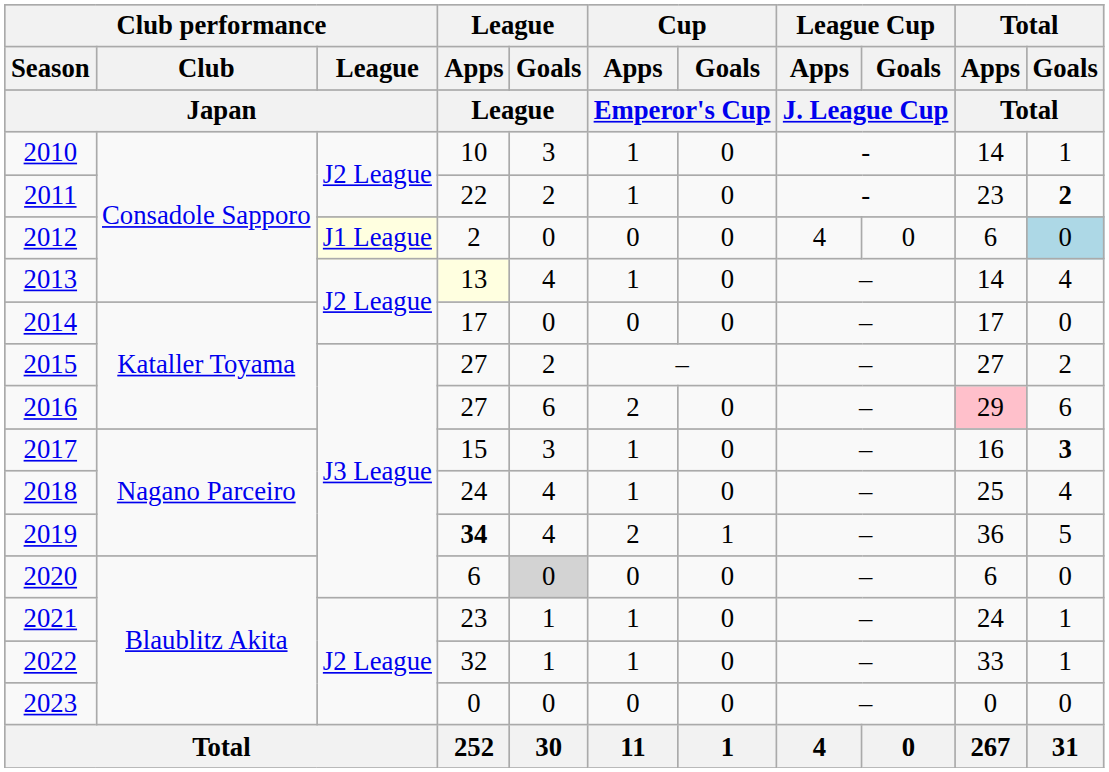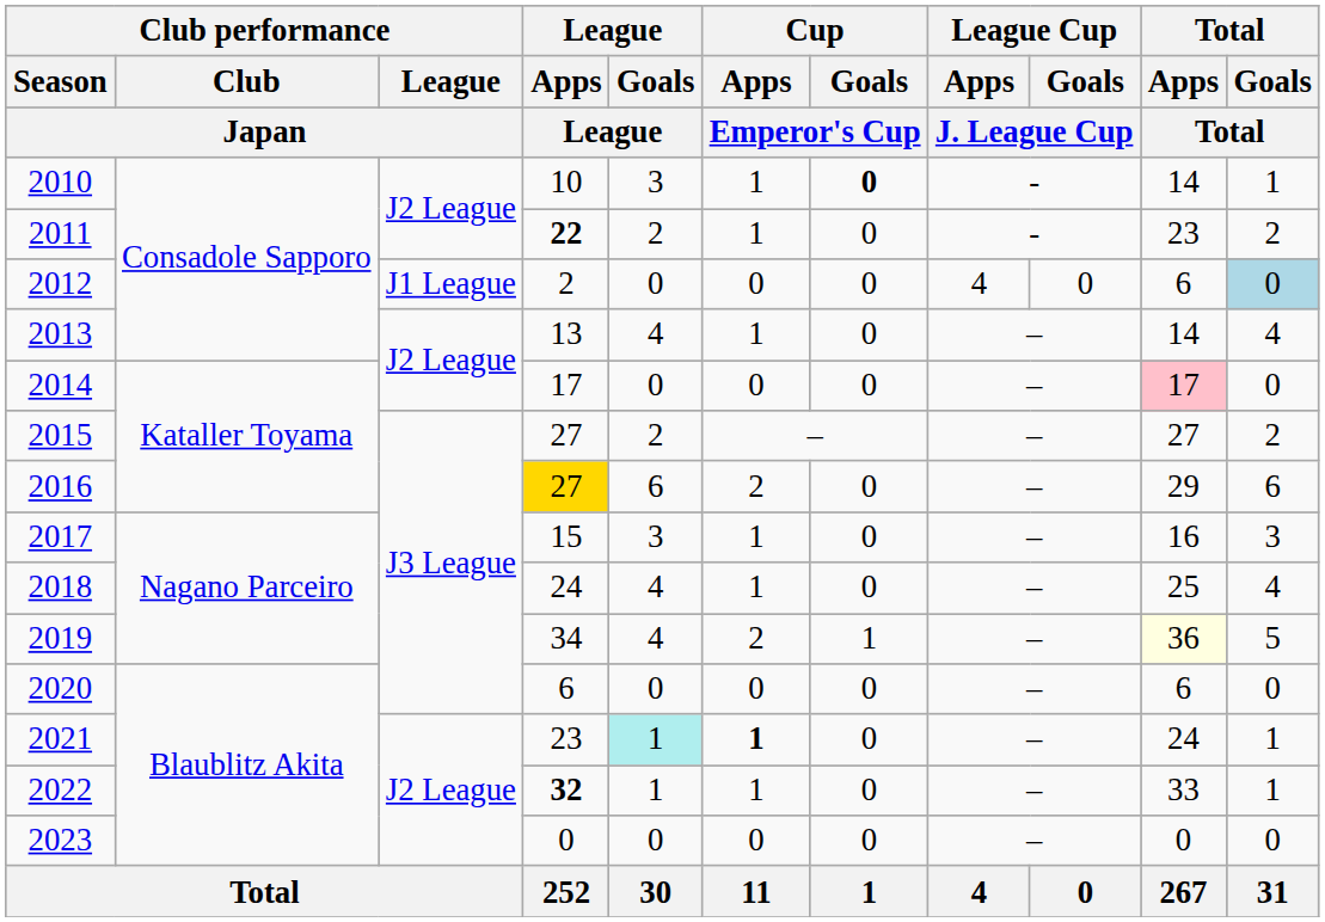 <table class="wikitable" style="text-align:center;">
 <tr>
 <th colspan=3>Club performance</th>
 <th colspan=2>League</th>
 <th colspan=2>Cup</th>
 <th colspan=2>League Cup</th>
 <th colspan=2>Total</th>
 </tr>
 <tr>
 <th>Season</th>
 <th>Club</th>
 <th>League</th>
 <th>Apps</th>
 <th>Goals</th>
 <th>Apps</th>
 <th>Goals</th>
 <th>Apps</th>
 <th>Goals</th>
 <th>Apps</th>
 <th>Goals</th>
 </tr>
 <tr>
 <th colspan=3>Japan</th>
 <th colspan=2>League</th>
 <th colspan=2><a href='#'>Emperor's Cup</a></th>
 <th colspan=2><a href='#'>J. League Cup</a></th>
 <th colspan=2>Total</th>
 </tr>
 <tr>
 <td><a href='#'>2010</a></td>
 <td rowspan=4><a href='#'>Consadole Sapporo</a></td>
 <td rowspan=2><a href='#'>J2 League</a></td>
 <td>10</td>
 <td>3</td>
 <td>1</td>
-<td>0</td>
+<td><strong>0</strong></td>
 <td colspan=2>-</td>
 <td>14</td>
 <td>1</td>
 </tr>
 <tr>
 <td><a href='#'>2011</a></td>
-<td>22</td>
+<td><strong>22</strong></td>
 <td>2</td>
 <td>1</td>
 <td>0</td>
 <td colspan=2>-</td>
 <td>23</td>
-<td><strong>2</strong></td>
+<td>2</td>
 </tr>
 <tr>
 <td><a href='#'>2012</a></td>
-<td style="background: lightyellow;"><a href='#'>J1 League</a></td>
+<td><a href='#'>J1 League</a></td>
 <td>2</td>
 <td>0</td>
 <td>0</td>
 <td>0</td>
 <td>4</td>
 <td>0</td>
 <td>6</td>
 <td style="background: lightblue;">0</td>
 </tr>
 <tr>
 <td><a href='#'>2013</a></td>
 <td rowspan=2><a href='#'>J2 League</a></td>
-<td style="background: lightyellow;">13</td>
+<td>13</td>
 <td>4</td>
 <td>1</td>
 <td>0</td>
 <td colspan="2">–</td>
 <td>14</td>
 <td>4</td>
 </tr>
 <tr>
 <td><a href='#'>2014</a></td>
 <td rowspan=3><a href='#'>Kataller Toyama</a></td>
 <td>17</td>
 <td>0</td>
 <td>0</td>
 <td>0</td>
 <td colspan="2">–</td>
-<td>17</td>
+<td style="background: pink;">17</td>
 <td>0</td>
 </tr>
 <tr>
 <td><a href='#'>2015</a></td>
 <td rowspan="6"><a href='#'>J3 League</a></td>
 <td>27</td>
 <td>2</td>
 <td colspan="2">–</td>
 <td colspan="2">–</td>
 <td>27</td>
 <td>2</td>
 </tr>
 <tr>
 <td><a href='#'>2016</a></td>
-<td>27</td>
+<td style="background: gold;">27</td>
 <td>6</td>
 <td>2</td>
 <td>0</td>
 <td colspan="2">–</td>
-<td style="background: pink;">29</td>
+<td>29</td>
 <td>6</td>
 </tr>
 <tr>
 <td><a href='#'>2017</a></td>
 <td rowspan="3"><a href='#'>Nagano Parceiro</a></td>
 <td>15</td>
 <td>3</td>
 <td>1</td>
 <td>0</td>
 <td colspan="2">–</td>
 <td>16</td>
-<td><strong>3</strong></td>
+<td>3</td>
 </tr>
 <tr>
 <td><a href='#'>2018</a></td>
 <td>24</td>
 <td>4</td>
 <td>1</td>
 <td>0</td>
 <td colspan="2">–</td>
 <td>25</td>
 <td>4</td>
 </tr>
 <tr>
 <td><a href='#'>2019</a></td>
-<td><strong>34</strong></td>
+<td>34</td>
 <td>4</td>
 <td>2</td>
 <td>1</td>
 <td colspan="2">–</td>
-<td>36</td>
+<td style="background: lightyellow;">36</td>
 <td>5</td>
 </tr>
 <tr>
 <td><a href='#'>2020</a></td>
 <td rowspan=4><a href='#'>Blaublitz Akita</a></td>
 <td>6</td>
-<td style="background: lightgrey;">0</td>
+<td>0</td>
 <td>0</td>
 <td>0</td>
 <td colspan="2">–</td>
 <td>6</td>
 <td>0</td>
 </tr>
 <tr>
 <td><a href='#'>2021</a></td>
 <td rowspan=3><a href='#'>J2 League</a></td>
 <td>23</td>
-<td>1</td>
-<td>1</td>
+<td style="background: paleturquoise;">1</td>
+<td><strong>1</strong></td>
 <td>0</td>
 <td colspan="2">–</td>
 <td>24</td>
 <td>1</td>
 </tr>
 <tr>
 <td><a href='#'>2022</a></td>
-<td>32</td>
+<td><strong>32</strong></td>
 <td>1</td>
 <td>1</td>
 <td>0</td>
 <td colspan="2">–</td>
 <td>33</td>
 <td>1</td>
 </tr>
 <tr>
 <td><a href='#'>2023</a></td>
 <td>0</td>
 <td>0</td>
 <td>0</td>
 <td>0</td>
 <td colspan="2">–</td>
 <td>0</td>
 <td>0</td>
 </tr>
 <tr>
 <th colspan=3>Total</th>
 <th>252</th>
 <th>30</th>
 <th>11</th>
 <th>1</th>
 <th>4</th>
 <th>0</th>
 <th>267</th>
 <th>31</th>
 </tr>
 </table>
